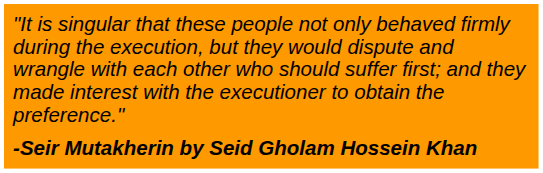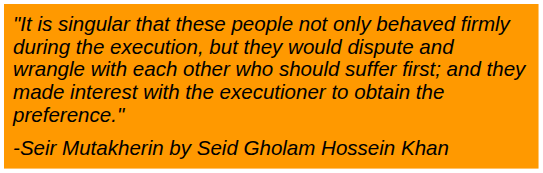 <table class="toccolours" style="float: left; margin-left: 0em; margin-right: 1em; font-size: 85%; background:#FF9900; color:black; width:30em; max-width:40%" cellspacing="5">
 <tr>
 <td align="left"><em>"It is singular that these people not only behaved firmly during the execution, but they would dispute and wrangle with each other who should suffer first; and they made interest with the executioner to obtain the preference."</em></td>
 </tr>
 <tr>
-<td align="left"><strong><em>-Seir Mutakherin by Seid Gholam Hossein Khan</em></strong></td>
+<td align="left"><em>-Seir Mutakherin by Seid Gholam Hossein Khan</em></td>
 </tr>
 </table>
